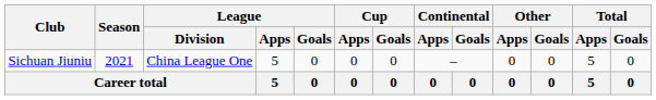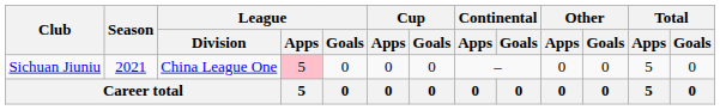 <table class="wikitable" style="text-align: center">
 <tr>
 <th rowspan="2">Club</th>
 <th rowspan="2">Season</th>
 <th colspan="3">League</th>
 <th colspan="2">Cup</th>
 <th colspan="2">Continental</th>
 <th colspan="2">Other</th>
 <th colspan="2">Total</th>
 </tr>
 <tr>
 <th>Division</th>
 <th>Apps</th>
 <th>Goals</th>
 <th>Apps</th>
 <th>Goals</th>
 <th>Apps</th>
 <th>Goals</th>
 <th>Apps</th>
 <th>Goals</th>
 <th>Apps</th>
 <th>Goals</th>
 </tr>
 <tr>
 <td><a href='#'>Sichuan Jiuniu</a></td>
 <td><a href='#'>2021</a></td>
 <td><a href='#'>China League One</a></td>
-<td>5</td>
+<td style="background: pink;">5</td>
 <td>0</td>
 <td>0</td>
 <td>0</td>
 <td colspan="2">–</td>
 <td>0</td>
 <td>0</td>
 <td>5</td>
 <td>0</td>
 </tr>
 <tr>
 <th colspan=3>Career total</th>
 <th>5</th>
 <th>0</th>
 <th>0</th>
 <th>0</th>
 <th>0</th>
 <th>0</th>
 <th>0</th>
 <th>0</th>
 <th>5</th>
 <th>0</th>
 </tr>
 </table>
